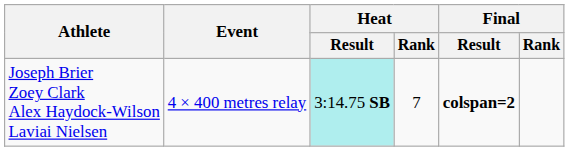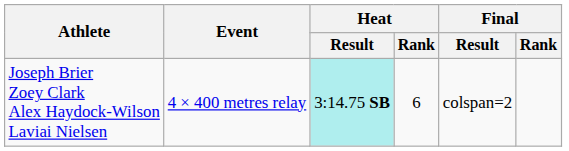 <table class="wikitable" style="font-size:90%">
 <tr>
 <th rowspan="2">Athlete</th>
 <th rowspan="2">Event</th>
 <th colspan="2">Heat</th>
 <th colspan="2">Final</th>
 </tr>
 <tr style="font-size:95%">
 <th>Result</th>
 <th>Rank</th>
 <th>Result</th>
 <th>Rank</th>
 </tr>
 <tr align="center">
 <td align="left"><a href='#'>Joseph Brier</a><br><a href='#'>Zoey Clark</a><br><a href='#'>Alex Haydock-Wilson</a><br><a href='#'>Laviai Nielsen</a></td>
 <td align="left"><a href='#'>4 × 400 metres relay</a></td>
 <td style="background: paleturquoise;">3:14.75 <strong>SB</strong></td>
-<td>7</td>
-<td><strong>colspan=2 </strong></td>
+<td>6</td>
+<td>colspan=2 </td>
 </tr>
 </table>
